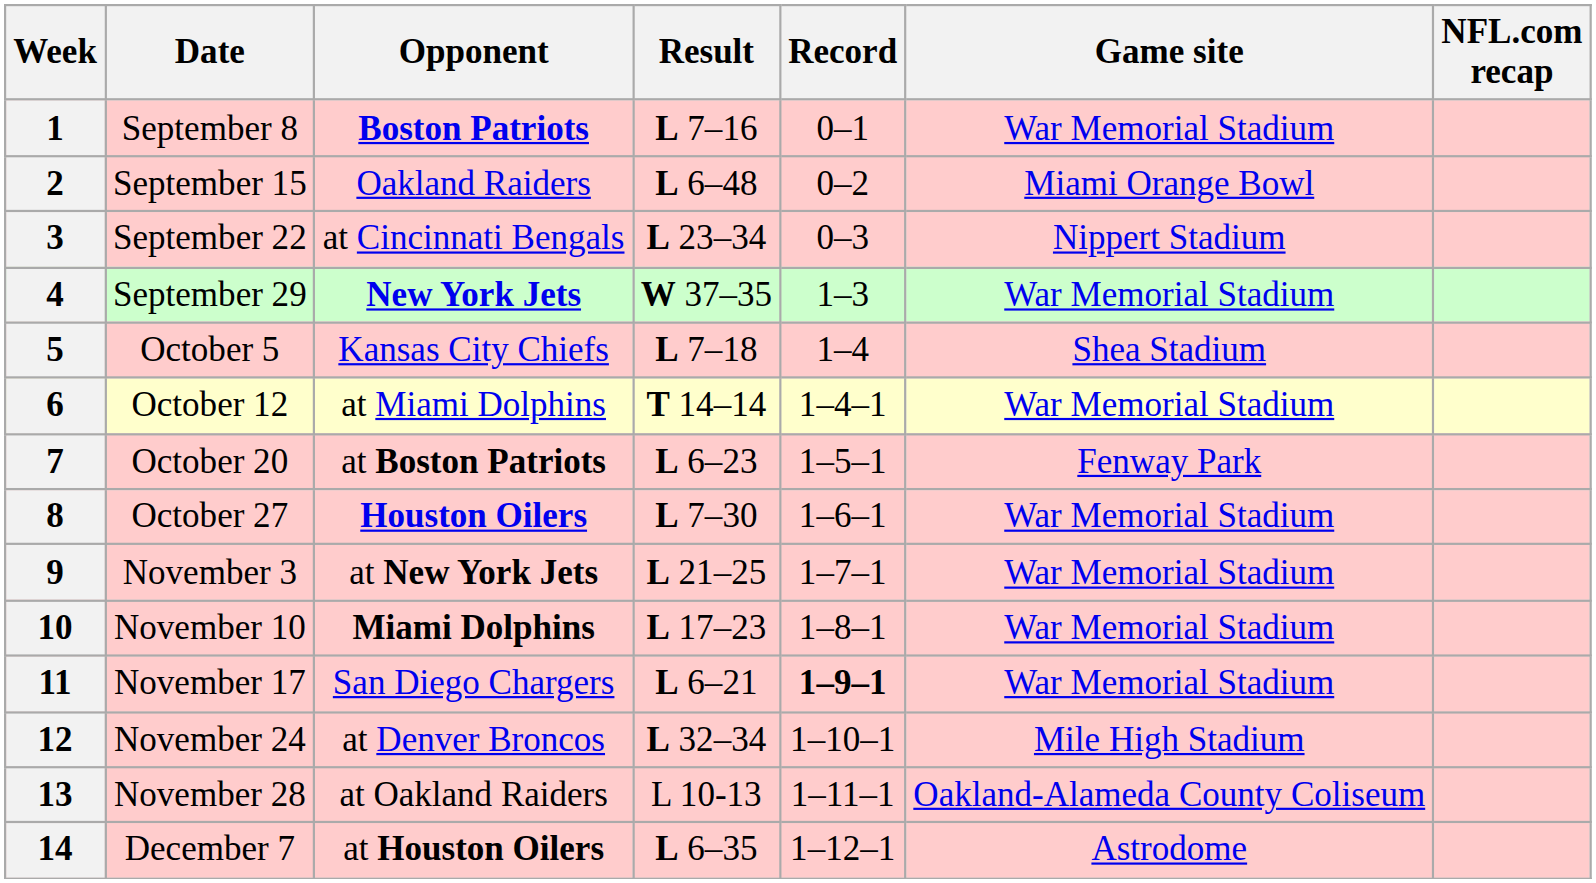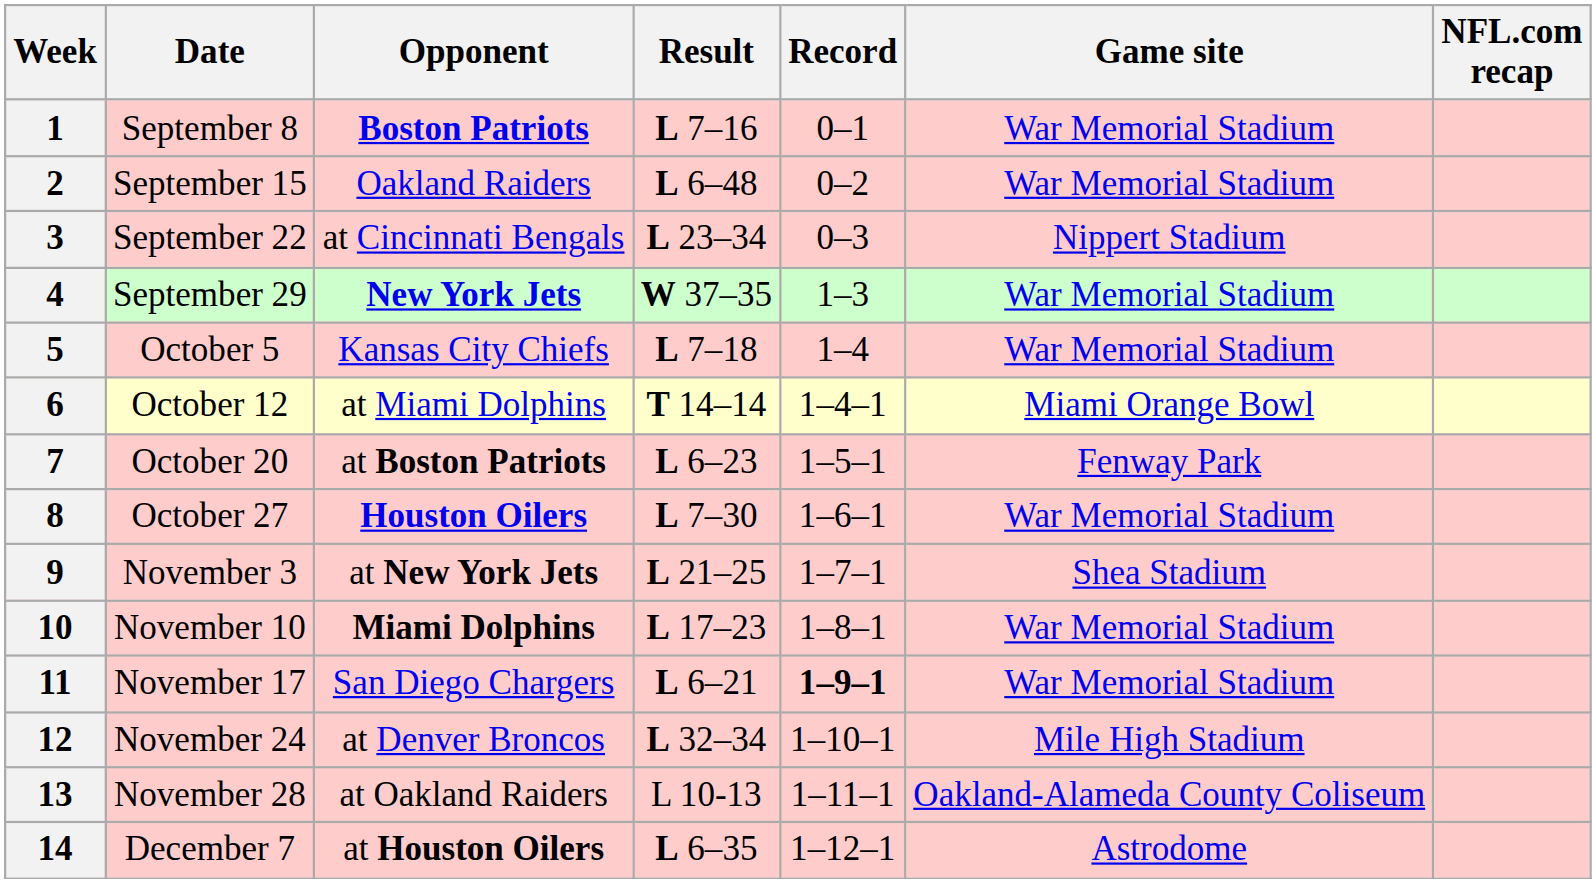 <table class="wikitable" style="text-align:center">
 <tr>
 <th>Week</th>
 <th>Date</th>
 <th>Opponent</th>
 <th>Result</th>
 <th>Record</th>
 <th>Game site</th>
 <th>NFL.com<br>recap</th>
 </tr>
 <tr bgcolor="#fcc">
 <th>1</th>
 <td>September 8</td>
 <td><strong><a href='#'>Boston Patriots</a></strong></td>
 <td><strong>L</strong> 7–16</td>
 <td>0–1</td>
 <td><a href='#'>War Memorial Stadium</a></td>
 <td></td>
 </tr>
 <tr bgcolor="#fcc">
 <th>2</th>
 <td>September 15</td>
 <td><a href='#'>Oakland Raiders</a></td>
 <td><strong>L</strong> 6–48</td>
 <td>0–2</td>
-<td><a href='#'>Miami Orange Bowl</a></td>
+<td><a href='#'>War Memorial Stadium</a></td>
 <td></td>
 </tr>
 <tr bgcolor="#fcc">
 <th>3</th>
 <td>September 22</td>
 <td>at <a href='#'>Cincinnati Bengals</a></td>
 <td><strong>L</strong> 23–34</td>
 <td>0–3</td>
 <td><a href='#'>Nippert Stadium</a></td>
 <td></td>
 </tr>
 <tr bgcolor="#cfc">
 <th>4</th>
 <td>September 29</td>
 <td><strong><a href='#'>New York Jets</a></strong></td>
 <td><strong>W</strong> 37–35</td>
 <td>1–3</td>
 <td><a href='#'>War Memorial Stadium</a></td>
 <td></td>
 </tr>
 <tr bgcolor="#fcc">
 <th>5</th>
 <td>October 5</td>
 <td><a href='#'>Kansas City Chiefs</a></td>
 <td><strong>L</strong> 7–18</td>
 <td>1–4</td>
-<td><a href='#'>Shea Stadium</a></td>
+<td><a href='#'>War Memorial Stadium</a></td>
 <td></td>
 </tr>
 <tr bgcolor="#ffc">
 <th>6</th>
 <td>October 12</td>
 <td>at <a href='#'>Miami Dolphins</a></td>
 <td><strong>T</strong> 14–14</td>
 <td>1–4–1</td>
-<td><a href='#'>War Memorial Stadium</a></td>
+<td><a href='#'>Miami Orange Bowl</a></td>
 <td></td>
 </tr>
 <tr bgcolor="#fcc">
 <th>7</th>
 <td>October 20</td>
 <td>at <strong>Boston Patriots</strong></td>
 <td><strong>L</strong> 6–23</td>
 <td>1–5–1</td>
 <td><a href='#'>Fenway Park</a></td>
 <td></td>
 </tr>
 <tr bgcolor="#fcc">
 <th>8</th>
 <td>October 27</td>
 <td><strong><a href='#'>Houston Oilers</a></strong></td>
 <td><strong>L</strong> 7–30</td>
 <td>1–6–1</td>
 <td><a href='#'>War Memorial Stadium</a></td>
 <td></td>
 </tr>
 <tr bgcolor="#fcc">
 <th>9</th>
 <td>November 3</td>
 <td>at <strong>New York Jets</strong></td>
 <td><strong>L</strong> 21–25</td>
 <td>1–7–1</td>
-<td><a href='#'>War Memorial Stadium</a></td>
+<td><a href='#'>Shea Stadium</a></td>
 <td></td>
 </tr>
 <tr bgcolor="#fcc">
 <th>10</th>
 <td>November 10</td>
 <td><strong>Miami Dolphins</strong></td>
 <td><strong>L</strong> 17–23</td>
 <td>1–8–1</td>
 <td><a href='#'>War Memorial Stadium</a></td>
 <td></td>
 </tr>
 <tr bgcolor="#fcc">
 <th>11</th>
 <td>November 17</td>
 <td><a href='#'>San Diego Chargers</a></td>
 <td><strong>L</strong> 6–21</td>
 <td><strong>1–9–1</strong></td>
 <td><a href='#'>War Memorial Stadium</a></td>
 <td></td>
 </tr>
 <tr bgcolor="#fcc">
 <th>12</th>
 <td>November 24</td>
 <td>at <a href='#'>Denver Broncos</a></td>
 <td><strong>L</strong> 32–34</td>
 <td>1–10–1</td>
 <td><a href='#'>Mile High Stadium</a></td>
 <td></td>
 </tr>
 <tr bgcolor="#fcc">
 <th>13</th>
 <td>November 28</td>
 <td>at Oakland Raiders</td>
 <td>L 10-13</td>
 <td>1–11–1</td>
 <td><a href='#'>Oakland-Alameda County Coliseum</a></td>
 <td></td>
 </tr>
 <tr bgcolor="#fcc">
 <th>14</th>
 <td>December 7</td>
 <td>at <strong>Houston Oilers</strong></td>
 <td><strong>L</strong> 6–35</td>
 <td>1–12–1</td>
 <td><a href='#'>Astrodome</a></td>
 <td></td>
 </tr>
 <tr>
 </tr>
 </table>
